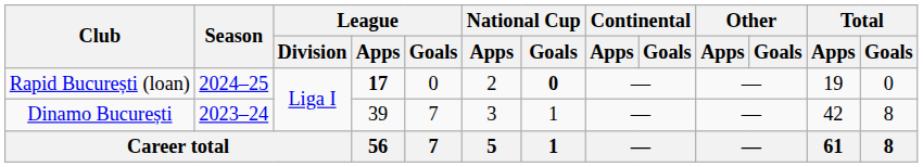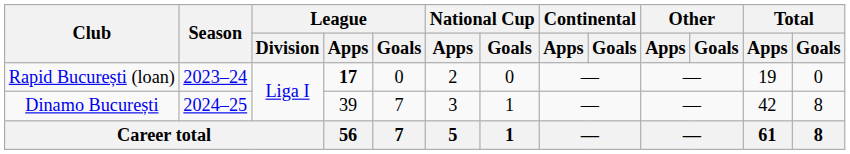 <table class=wikitable style=text-align:center>
 <tr>
 <th rowspan="2">Club</th>
 <th rowspan="2">Season</th>
 <th colspan="3">League</th>
 <th colspan="2">National Cup</th>
 <th colspan="2">Continental</th>
 <th colspan="2">Other</th>
 <th colspan="2">Total</th>
 </tr>
 <tr>
 <th>Division</th>
 <th>Apps</th>
 <th>Goals</th>
 <th>Apps</th>
 <th>Goals</th>
 <th>Apps</th>
 <th>Goals</th>
 <th>Apps</th>
 <th>Goals</th>
 <th>Apps</th>
 <th>Goals</th>
 </tr>
 <tr>
 <td><a href='#'>Rapid București</a> (loan)</td>
-<td><a href='#'>2024–25</a></td>
+<td><a href='#'>2023–24</a></td>
 <td rowspan="2"><a href='#'>Liga I</a></td>
 <td><strong>17</strong></td>
 <td>0</td>
 <td>2</td>
-<td><strong>0</strong></td>
+<td>0</td>
 <td colspan="2">—</td>
 <td colspan="2">—</td>
 <td>19</td>
 <td>0</td>
 </tr>
 <tr>
 <td><a href='#'>Dinamo București</a></td>
-<td><a href='#'>2023–24</a></td>
+<td><a href='#'>2024–25</a></td>
 <td>39</td>
 <td>7</td>
 <td>3</td>
 <td>1</td>
 <td colspan="2">—</td>
 <td colspan="2">—</td>
 <td>42</td>
 <td>8</td>
 </tr>
 <tr>
 <th colspan="3">Career total</th>
 <th>56</th>
 <th>7</th>
 <th>5</th>
 <th>1</th>
 <th colspan="2">—</th>
 <th colspan="2">—</th>
 <th>61</th>
 <th>8</th>
 </tr>
 </table>
